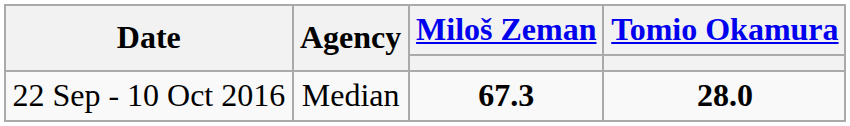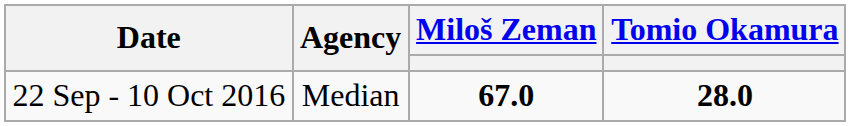 <table class="wikitable collapsible collapsed" style=text-align:center>
 <tr>
 <th rowspan="2">Date</th>
 <th rowspan="2">Agency</th>
 <th><a href='#'>Miloš Zeman</a></th>
 <th><a href='#'>Tomio Okamura</a></th>
 </tr>
 <tr>
 <th style="background:"></th>
 <th style="background:"></th>
 </tr>
 <tr>
 <td>22 Sep - 10 Oct 2016</td>
 <td>Median</td>
-<td><strong>67.3</strong></td>
+<td><strong>67.0</strong></td>
 <td><strong>28.0</strong></td>
 </tr>
 </table>
